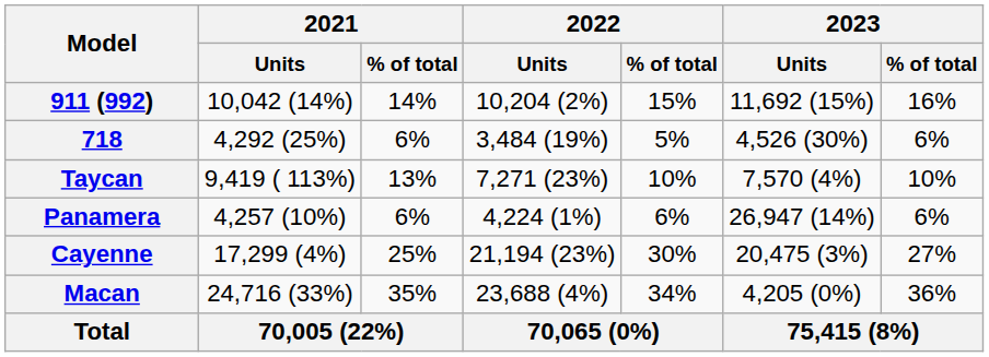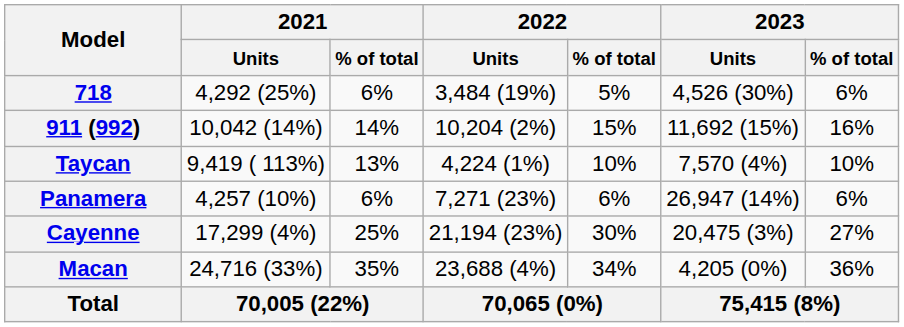 <table class="wikitable" style="text-align:center; text-size:94%;">
 <tr>
 <th rowspan="2" style="width:120px;">Model</th>
 <th colspan="2" style="width:160px;">2021</th>
 <th colspan="2" style="width:160px;">2022</th>
 <th colspan="2" style="width:160px;">2023</th>
 </tr>
 <tr>
 <th><small>Units</small></th>
 <th><small>% of total</small></th>
 <th><small>Units</small></th>
 <th><small>% of total</small></th>
 <th><small>Units</small></th>
 <th><small>% of total</small></th>
 </tr>
 <tr>
+<th><a href='#'>718</a></th>
+<td>4,292	(25%)</td>
+<td>6%</td>
+<td>3,484 (19%)</td>
+<td>5%</td>
+<td>4,526 (30%)</td>
+<td>6%</td>
+</tr>
+<tr>
 <th><a href='#'>911</a> (<a href='#'>992</a>)</th>
 <td>10,042	(14%)</td>
 <td>14%</td>
 <td>10,204 (2%)</td>
 <td>15%</td>
 <td>11,692 (15%)</td>
 <td>16%</td>
 </tr>
 <tr>
-<th><a href='#'>718</a></th>
-<td>4,292	(25%)</td>
-<td>6%</td>
-<td>3,484 (19%)</td>
-<td>5%</td>
-<td>4,526 (30%)</td>
-<td>6%</td>
-</tr>
-<tr>
 <th><a href='#'>Taycan</a></th>
 <td>9,419	( 113%)</td>
 <td>13%</td>
-<td>7,271 (23%)</td>
+<td>4,224 (1%)</td>
 <td>10%</td>
 <td>7,570 (4%)</td>
 <td>10%</td>
 </tr>
 <tr>
 <th><a href='#'>Panamera</a></th>
 <td>4,257	(10%)</td>
 <td>6%</td>
-<td>4,224 (1%)</td>
+<td>7,271 (23%)</td>
 <td>6%</td>
 <td>26,947 (14%)</td>
 <td>6%</td>
 </tr>
 <tr>
 <th><a href='#'>Cayenne</a></th>
 <td>17,299	(4%)</td>
 <td>25%</td>
 <td>21,194 (23%)</td>
 <td>30%</td>
 <td>20,475 (3%)</td>
 <td>27%</td>
 </tr>
 <tr>
 <th><a href='#'>Macan</a></th>
 <td>24,716	(33%)</td>
 <td>35%</td>
 <td>23,688 (4%)</td>
 <td>34%</td>
 <td>4,205 (0%)</td>
 <td>36%</td>
 </tr>
 <tr style="background:WhiteSmoke;">
 <th>Total</th>
 <th colspan=2>70,005 (22%)</th>
 <th colspan=2>70,065 (0%)</th>
 <th colspan=2>75,415 (8%)</th>
 </tr>
 </table>
